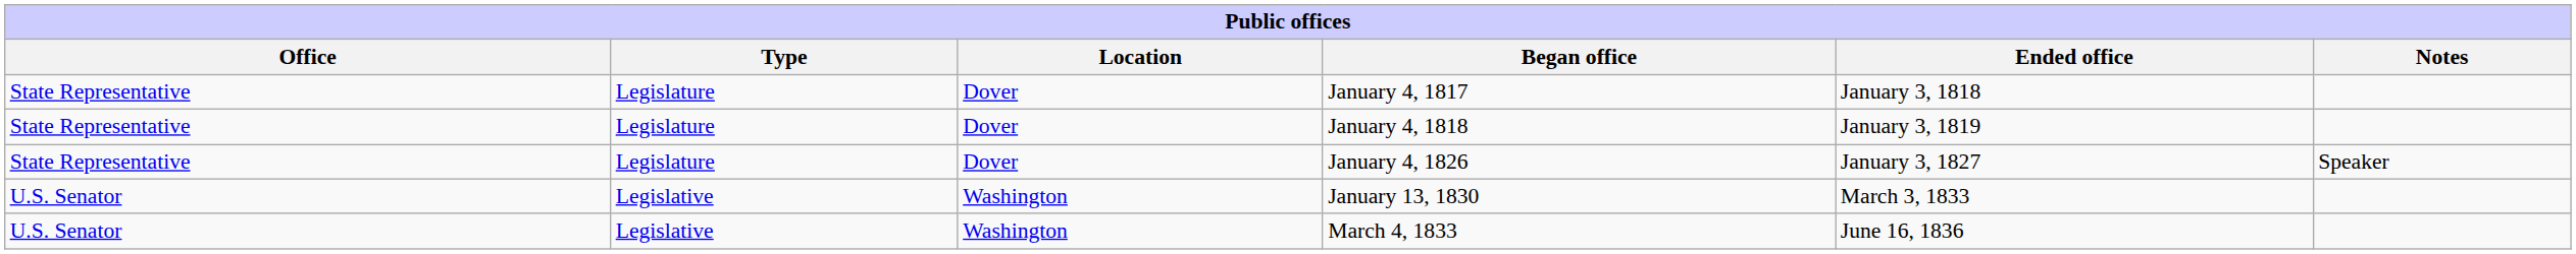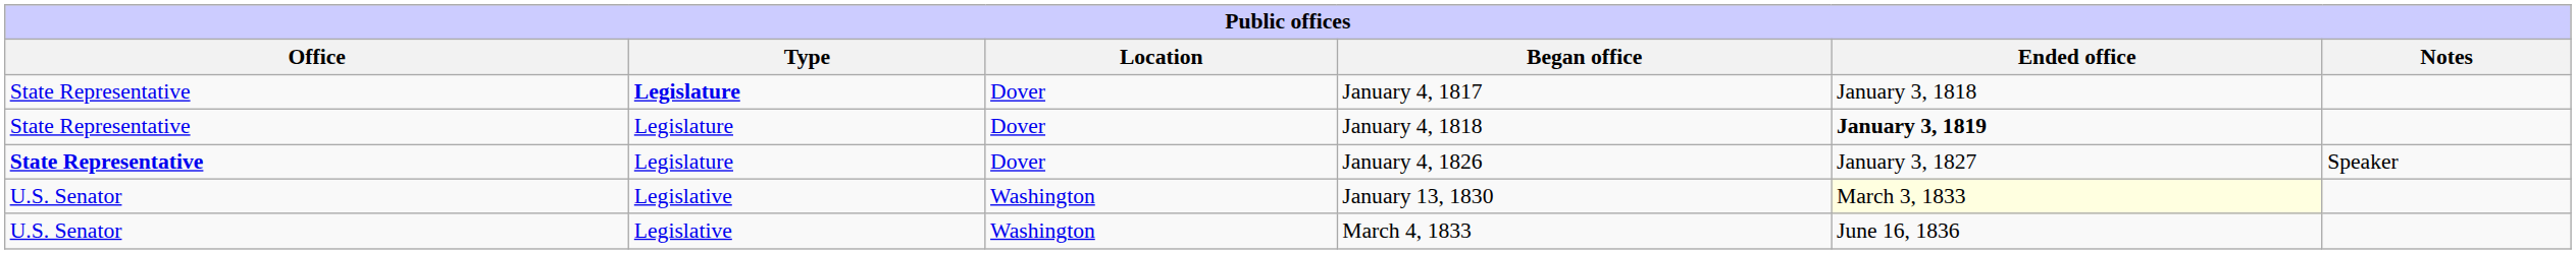 <table class=wikitable style="width: 94%" style="text-align: center;" align="center">
 <tr bgcolor=#cccccc>
 <th colspan=7 style="background: #ccccff;">Public offices</th>
 </tr>
 <tr>
 <th><strong>Office</strong></th>
 <th><strong>Type</strong></th>
 <th><strong>Location</strong></th>
 <th><strong>Began office</strong></th>
 <th><strong>Ended office</strong></th>
 <th><strong>Notes</strong></th>
 </tr>
 <tr>
 <td><a href='#'>State Representative</a></td>
-<td><a href='#'>Legislature</a></td>
+<td><strong><a href='#'>Legislature</a></strong></td>
 <td><a href='#'>Dover</a></td>
 <td>January 4, 1817</td>
 <td>January 3, 1818</td>
 <td></td>
 </tr>
 <tr>
 <td><a href='#'>State Representative</a></td>
 <td><a href='#'>Legislature</a></td>
 <td><a href='#'>Dover</a></td>
 <td>January 4, 1818</td>
-<td>January 3, 1819</td>
+<td><strong>January 3, 1819</strong></td>
 <td></td>
 </tr>
 <tr>
-<td><a href='#'>State Representative</a></td>
+<td><strong><a href='#'>State Representative</a></strong></td>
 <td><a href='#'>Legislature</a></td>
 <td><a href='#'>Dover</a></td>
 <td>January 4, 1826</td>
 <td>January 3, 1827</td>
 <td>Speaker</td>
 </tr>
 <tr>
 <td><a href='#'>U.S. Senator</a></td>
 <td><a href='#'>Legislative</a></td>
 <td><a href='#'>Washington</a></td>
 <td>January 13, 1830</td>
-<td>March 3, 1833</td>
+<td style="background: lightyellow;">March 3, 1833</td>
 <td></td>
 </tr>
 <tr>
 <td><a href='#'>U.S. Senator</a></td>
 <td><a href='#'>Legislative</a></td>
 <td><a href='#'>Washington</a></td>
 <td>March 4, 1833</td>
 <td>June 16, 1836</td>
 <td></td>
 </tr>
 </table>
